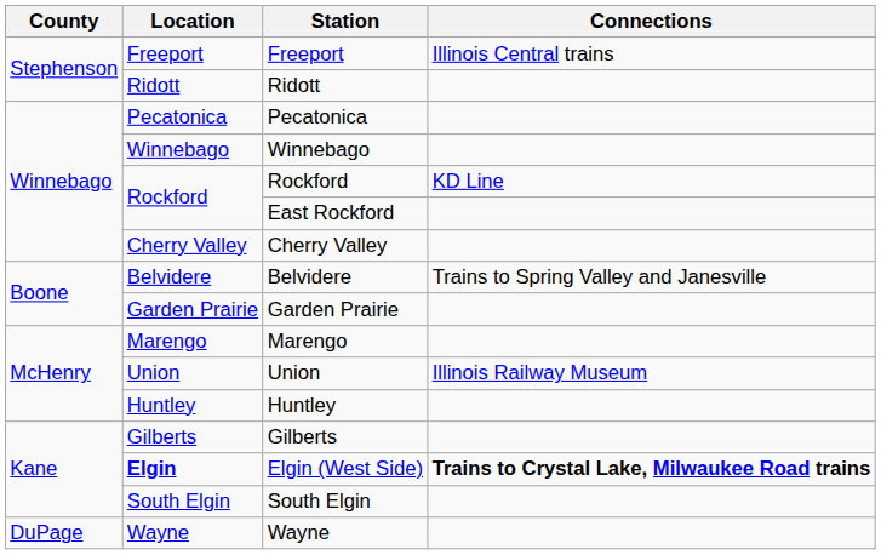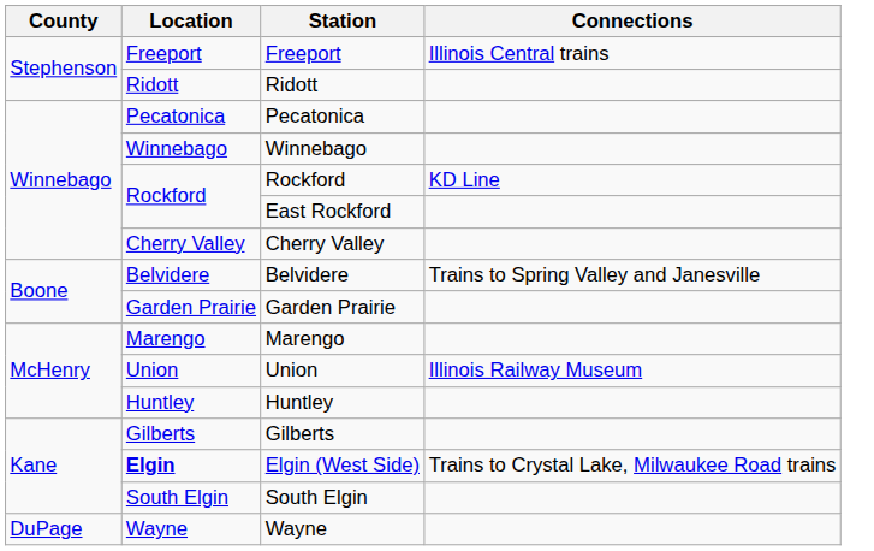 <table class="wikitable">
 <tr>
 <th>County</th>
 <th>Location</th>
 <th>Station</th>
 <th>Connections</th>
 </tr>
 <tr>
 <td rowspan=2><a href='#'>Stephenson</a></td>
 <td><a href='#'>Freeport</a></td>
 <td><a href='#'>Freeport</a></td>
 <td><a href='#'>Illinois Central</a> trains</td>
 </tr>
 <tr>
 <td><a href='#'>Ridott</a></td>
 <td>Ridott</td>
 <td></td>
 </tr>
 <tr>
 <td rowspan=5><a href='#'>Winnebago</a></td>
 <td><a href='#'>Pecatonica</a></td>
 <td>Pecatonica</td>
 <td></td>
 </tr>
 <tr>
 <td><a href='#'>Winnebago</a></td>
 <td>Winnebago</td>
 <td></td>
 </tr>
 <tr>
 <td rowspan=2><a href='#'>Rockford</a></td>
 <td>Rockford</td>
 <td><a href='#'>KD Line</a></td>
 </tr>
 <tr>
 <td>East Rockford</td>
 <td></td>
 </tr>
 <tr>
 <td><a href='#'>Cherry Valley</a></td>
 <td>Cherry Valley</td>
 <td></td>
 </tr>
 <tr>
 <td rowspan=2><a href='#'>Boone</a></td>
 <td><a href='#'>Belvidere</a></td>
 <td>Belvidere</td>
 <td>Trains to Spring Valley and Janesville</td>
 </tr>
 <tr>
 <td><a href='#'>Garden Prairie</a></td>
 <td>Garden Prairie</td>
 <td></td>
 </tr>
 <tr>
 <td rowspan=3><a href='#'>McHenry</a></td>
 <td><a href='#'>Marengo</a></td>
 <td>Marengo</td>
 <td></td>
 </tr>
 <tr>
 <td><a href='#'>Union</a></td>
 <td>Union</td>
 <td><a href='#'>Illinois Railway Museum</a></td>
 </tr>
 <tr>
 <td><a href='#'>Huntley</a></td>
 <td>Huntley</td>
 <td></td>
 </tr>
 <tr>
 <td rowspan=3><a href='#'>Kane</a></td>
 <td><a href='#'>Gilberts</a></td>
 <td>Gilberts</td>
 <td></td>
 </tr>
 <tr>
 <td><strong><a href='#'>Elgin</a></strong></td>
 <td><a href='#'>Elgin (West Side)</a></td>
-<td><strong>Trains to Crystal Lake, <a href='#'>Milwaukee Road</a> trains</strong></td>
+<td>Trains to Crystal Lake, <a href='#'>Milwaukee Road</a> trains</td>
 </tr>
 <tr>
 <td><a href='#'>South Elgin</a></td>
 <td>South Elgin</td>
 <td></td>
 </tr>
 <tr>
 <td><a href='#'>DuPage</a></td>
 <td><a href='#'>Wayne</a></td>
 <td>Wayne</td>
 <td></td>
 </tr>
 </table>
